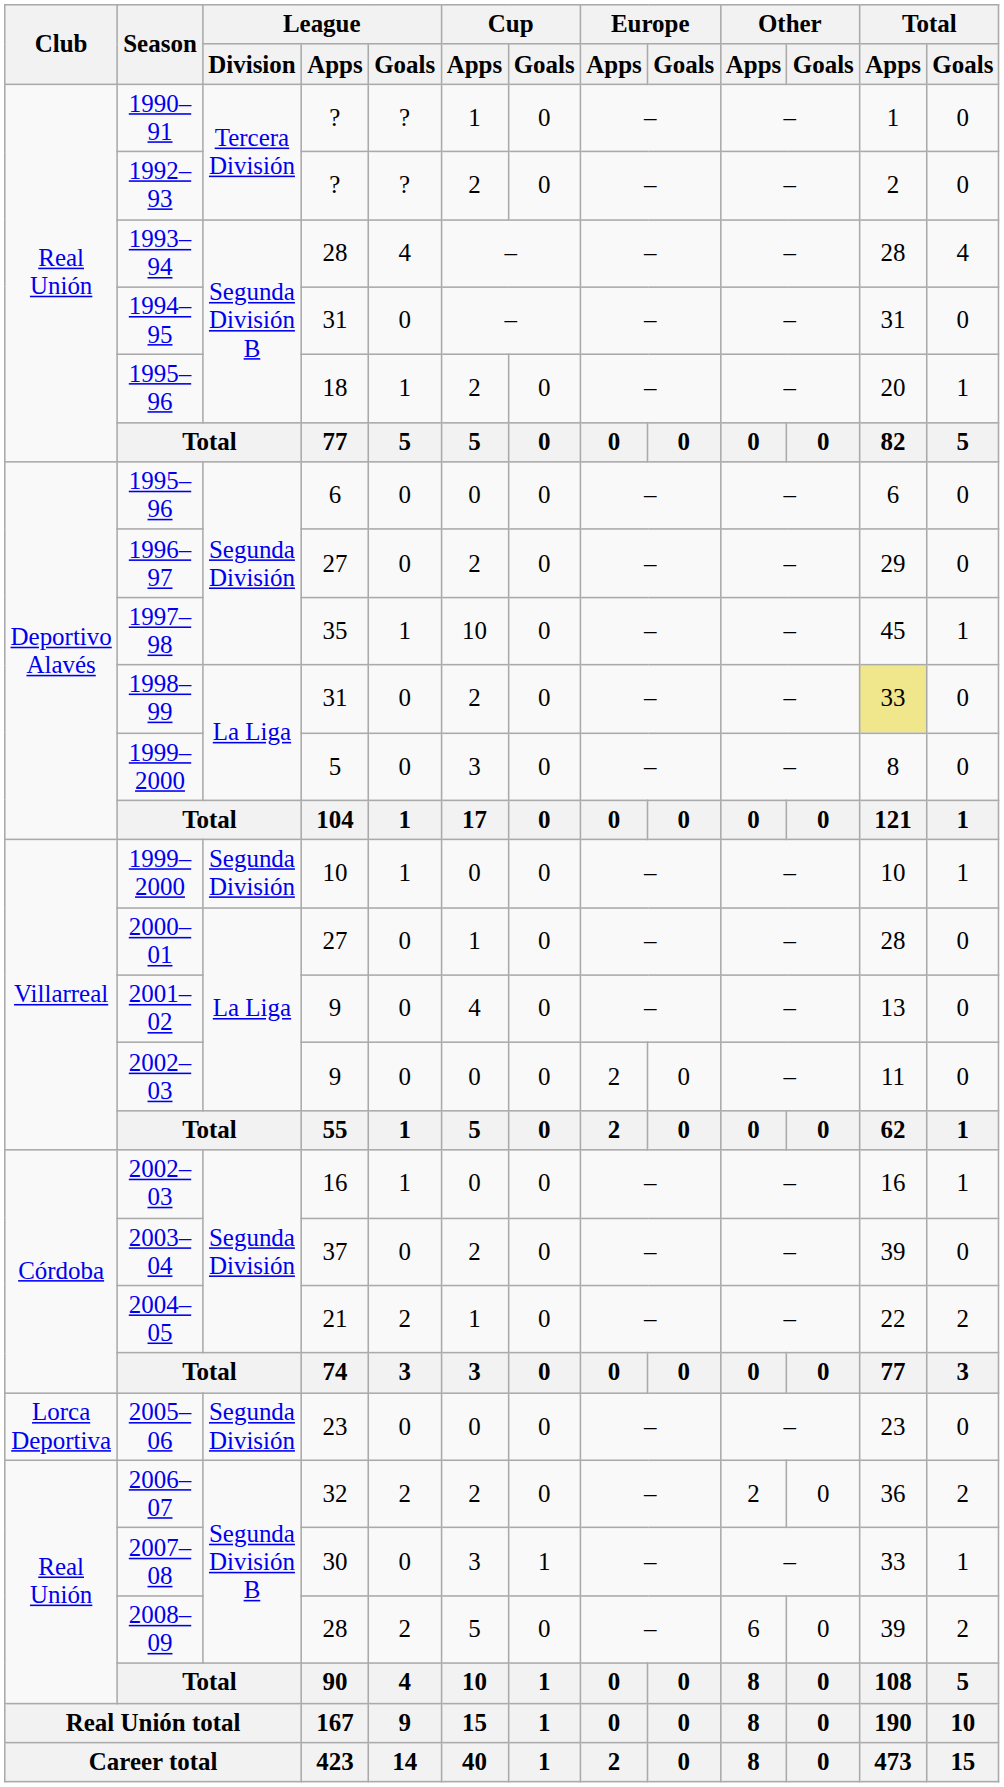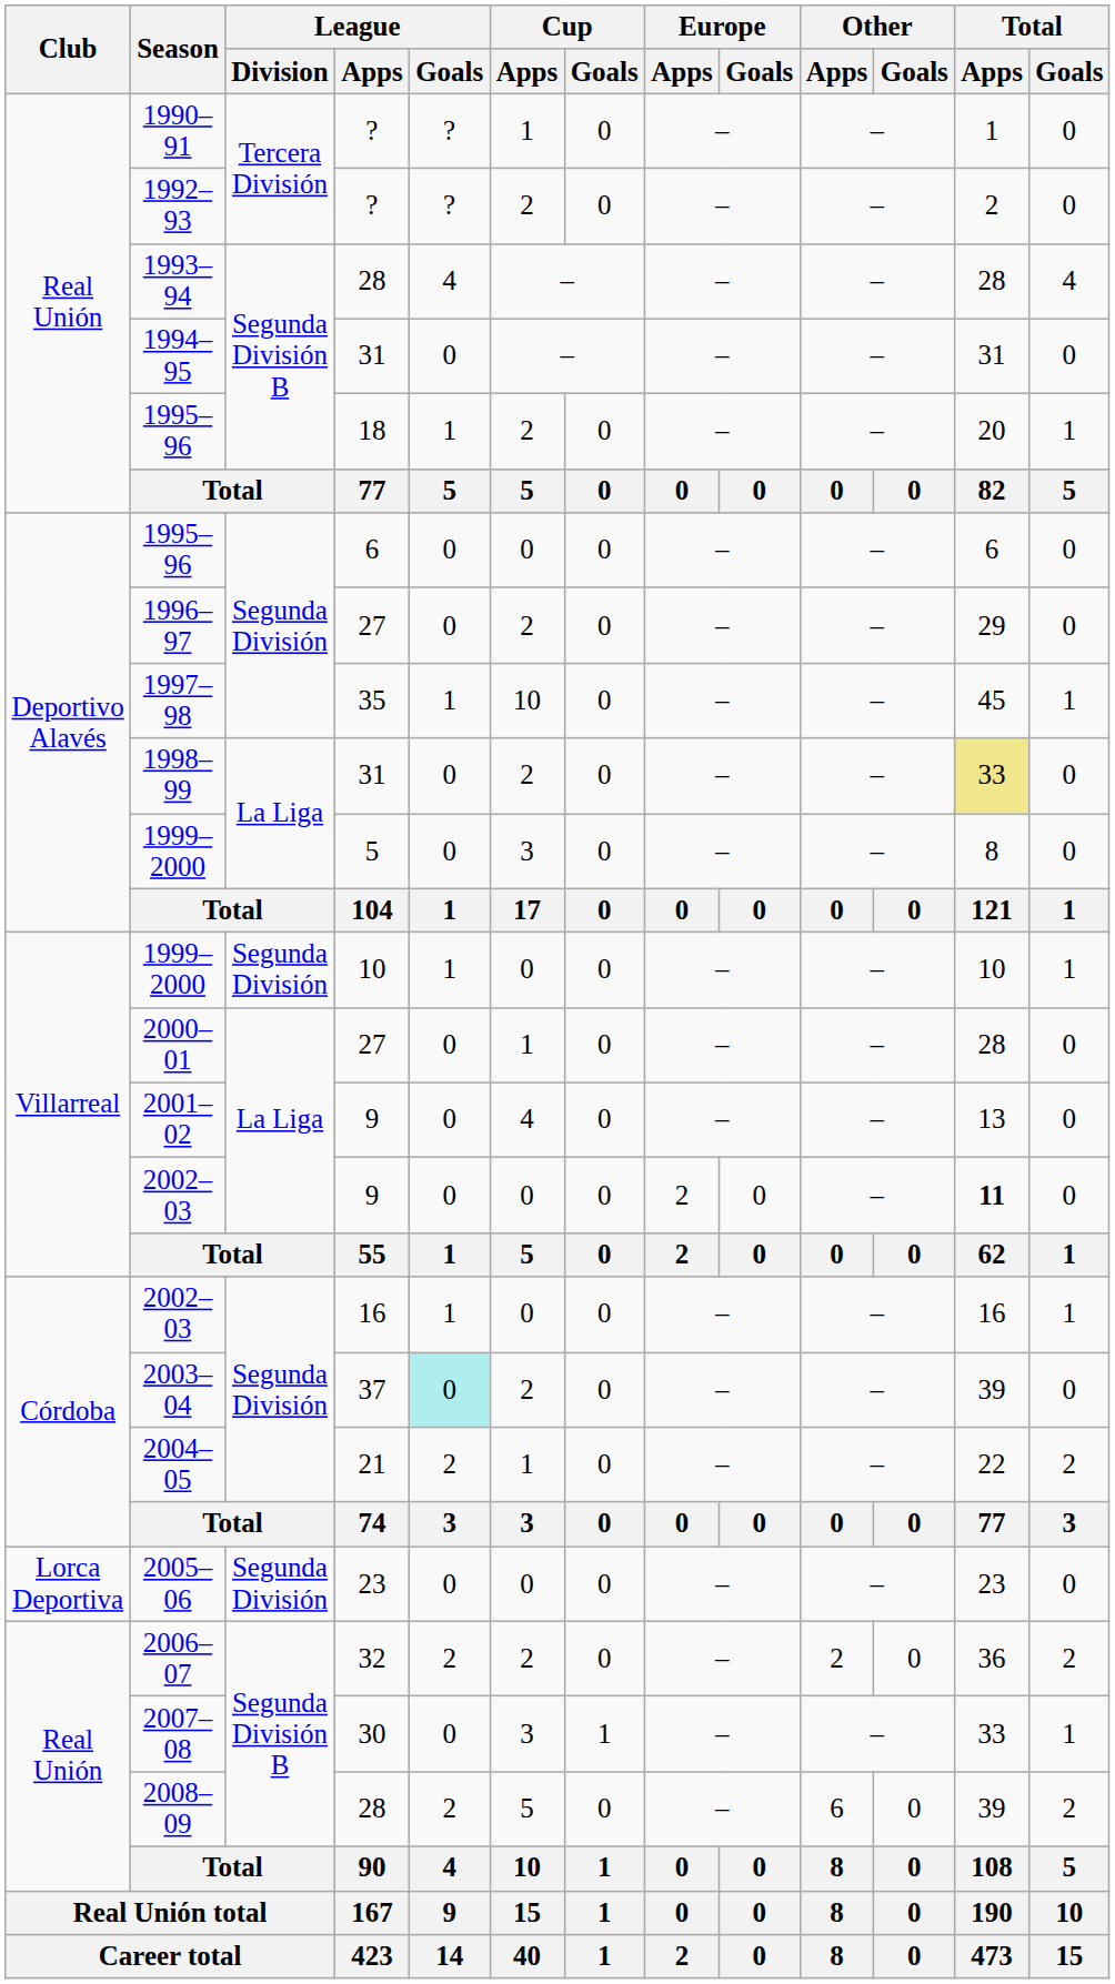 <table class="wikitable" style="text-align: center;">
 <tr>
 <th rowspan="2">Club</th>
 <th rowspan="2">Season</th>
 <th colspan="3">League</th>
 <th colspan="2">Cup</th>
 <th colspan="2">Europe</th>
 <th colspan="2">Other</th>
 <th colspan="2">Total</th>
 </tr>
 <tr>
 <th>Division</th>
 <th>Apps</th>
 <th>Goals</th>
 <th>Apps</th>
 <th>Goals</th>
 <th>Apps</th>
 <th>Goals</th>
 <th>Apps</th>
 <th>Goals</th>
 <th>Apps</th>
 <th>Goals</th>
 </tr>
 <tr>
 <td rowspan="6" valign="center"><a href='#'>Real Unión</a></td>
 <td><a href='#'>1990–91</a></td>
 <td rowspan="2"><a href='#'>Tercera División</a></td>
 <td>?</td>
 <td>?</td>
 <td>1</td>
 <td>0</td>
 <td colspan="2">–</td>
 <td colspan="2">–</td>
 <td>1</td>
 <td>0</td>
 </tr>
 <tr>
 <td><a href='#'>1992–93</a></td>
 <td>?</td>
 <td>?</td>
 <td>2</td>
 <td>0</td>
 <td colspan="2">–</td>
 <td colspan="2">–</td>
 <td>2</td>
 <td>0</td>
 </tr>
 <tr>
 <td><a href='#'>1993–94</a></td>
 <td rowspan="3"><a href='#'>Segunda División B</a></td>
 <td>28</td>
 <td>4</td>
 <td colspan="2">–</td>
 <td colspan="2">–</td>
 <td colspan="2">–</td>
 <td>28</td>
 <td>4</td>
 </tr>
 <tr>
 <td><a href='#'>1994–95</a></td>
 <td>31</td>
 <td>0</td>
 <td colspan="2">–</td>
 <td colspan="2">–</td>
 <td colspan="2">–</td>
 <td>31</td>
 <td>0</td>
 </tr>
 <tr>
 <td><a href='#'>1995–96</a></td>
 <td>18</td>
 <td>1</td>
 <td>2</td>
 <td>0</td>
 <td colspan="2">–</td>
 <td colspan="2">–</td>
 <td>20</td>
 <td>1</td>
 </tr>
 <tr>
 <th colspan="2">Total</th>
 <th>77</th>
 <th>5</th>
 <th>5</th>
 <th>0</th>
 <th>0</th>
 <th>0</th>
 <th>0</th>
 <th>0</th>
 <th>82</th>
 <th>5</th>
 </tr>
 <tr>
 <td rowspan="6" valign="center"><a href='#'>Deportivo Alavés</a></td>
 <td><a href='#'>1995–96</a></td>
 <td rowspan="3"><a href='#'>Segunda División</a></td>
 <td>6</td>
 <td>0</td>
 <td>0</td>
 <td>0</td>
 <td colspan="2">–</td>
 <td colspan="2">–</td>
 <td>6</td>
 <td>0</td>
 </tr>
 <tr>
 <td><a href='#'>1996–97</a></td>
 <td>27</td>
 <td>0</td>
 <td>2</td>
 <td>0</td>
 <td colspan="2">–</td>
 <td colspan="2">–</td>
 <td>29</td>
 <td>0</td>
 </tr>
 <tr>
 <td><a href='#'>1997–98</a></td>
 <td>35</td>
 <td>1</td>
 <td>10</td>
 <td>0</td>
 <td colspan="2">–</td>
 <td colspan="2">–</td>
 <td>45</td>
 <td>1</td>
 </tr>
 <tr>
 <td><a href='#'>1998–99</a></td>
 <td rowspan="2"><a href='#'>La Liga</a></td>
 <td>31</td>
 <td>0</td>
 <td>2</td>
 <td>0</td>
 <td colspan="2">–</td>
 <td colspan="2">–</td>
 <td style="background: khaki;">33</td>
 <td>0</td>
 </tr>
 <tr>
 <td><a href='#'>1999–2000</a></td>
 <td>5</td>
 <td>0</td>
 <td>3</td>
 <td>0</td>
 <td colspan="2">–</td>
 <td colspan="2">–</td>
 <td>8</td>
 <td>0</td>
 </tr>
 <tr>
 <th colspan="2">Total</th>
 <th>104</th>
 <th>1</th>
 <th>17</th>
 <th>0</th>
 <th>0</th>
 <th>0</th>
 <th>0</th>
 <th>0</th>
 <th>121</th>
 <th>1</th>
 </tr>
 <tr>
 <td rowspan="5" valign="center"><a href='#'>Villarreal</a></td>
 <td><a href='#'>1999–2000</a></td>
 <td><a href='#'>Segunda División</a></td>
 <td>10</td>
 <td>1</td>
 <td>0</td>
 <td>0</td>
 <td colspan="2">–</td>
 <td colspan="2">–</td>
 <td>10</td>
 <td>1</td>
 </tr>
 <tr>
 <td><a href='#'>2000–01</a></td>
 <td rowspan="3"><a href='#'>La Liga</a></td>
 <td>27</td>
 <td>0</td>
 <td>1</td>
 <td>0</td>
 <td colspan="2">–</td>
 <td colspan="2">–</td>
 <td>28</td>
 <td>0</td>
 </tr>
 <tr>
 <td><a href='#'>2001–02</a></td>
 <td>9</td>
 <td>0</td>
 <td>4</td>
 <td>0</td>
 <td colspan="2">–</td>
 <td colspan="2">–</td>
 <td>13</td>
 <td>0</td>
 </tr>
 <tr>
 <td><a href='#'>2002–03</a></td>
 <td>9</td>
 <td>0</td>
 <td>0</td>
 <td>0</td>
 <td>2</td>
 <td>0</td>
 <td colspan="2">–</td>
-<td>11</td>
+<td><strong>11</strong></td>
 <td>0</td>
 </tr>
 <tr>
 <th colspan="2">Total</th>
 <th>55</th>
 <th>1</th>
 <th>5</th>
 <th>0</th>
 <th>2</th>
 <th>0</th>
 <th>0</th>
 <th>0</th>
 <th>62</th>
 <th>1</th>
 </tr>
 <tr>
 <td rowspan="4" valign="center"><a href='#'>Córdoba</a></td>
 <td><a href='#'>2002–03</a></td>
 <td rowspan="3"><a href='#'>Segunda División</a></td>
 <td>16</td>
 <td>1</td>
 <td>0</td>
 <td>0</td>
 <td colspan="2">–</td>
 <td colspan="2">–</td>
 <td>16</td>
 <td>1</td>
 </tr>
 <tr>
 <td><a href='#'>2003–04</a></td>
 <td>37</td>
-<td>0</td>
+<td style="background: paleturquoise;">0</td>
 <td>2</td>
 <td>0</td>
 <td colspan="2">–</td>
 <td colspan="2">–</td>
 <td>39</td>
 <td>0</td>
 </tr>
 <tr>
 <td><a href='#'>2004–05</a></td>
 <td>21</td>
 <td>2</td>
 <td>1</td>
 <td>0</td>
 <td colspan="2">–</td>
 <td colspan="2">–</td>
 <td>22</td>
 <td>2</td>
 </tr>
 <tr>
 <th colspan="2">Total</th>
 <th>74</th>
 <th>3</th>
 <th>3</th>
 <th>0</th>
 <th>0</th>
 <th>0</th>
 <th>0</th>
 <th>0</th>
 <th>77</th>
 <th>3</th>
 </tr>
 <tr>
 <td valign="center"><a href='#'>Lorca Deportiva</a></td>
 <td><a href='#'>2005–06</a></td>
 <td><a href='#'>Segunda División</a></td>
 <td>23</td>
 <td>0</td>
 <td>0</td>
 <td>0</td>
 <td colspan="2">–</td>
 <td colspan="2">–</td>
 <td>23</td>
 <td>0</td>
 </tr>
 <tr>
 <td rowspan="4" valign="center"><a href='#'>Real Unión</a></td>
 <td><a href='#'>2006–07</a></td>
 <td rowspan="3"><a href='#'>Segunda División B</a></td>
 <td>32</td>
 <td>2</td>
 <td>2</td>
 <td>0</td>
 <td colspan="2">–</td>
 <td>2</td>
 <td>0</td>
 <td>36</td>
 <td>2</td>
 </tr>
 <tr>
 <td><a href='#'>2007–08</a></td>
 <td>30</td>
 <td>0</td>
 <td>3</td>
 <td>1</td>
 <td colspan="2">–</td>
 <td colspan="2">–</td>
 <td>33</td>
 <td>1</td>
 </tr>
 <tr>
 <td><a href='#'>2008–09</a></td>
 <td>28</td>
 <td>2</td>
 <td>5</td>
 <td>0</td>
 <td colspan="2">–</td>
 <td>6</td>
 <td>0</td>
 <td>39</td>
 <td>2</td>
 </tr>
 <tr>
 <th colspan="2">Total</th>
 <th>90</th>
 <th>4</th>
 <th>10</th>
 <th>1</th>
 <th>0</th>
 <th>0</th>
 <th>8</th>
 <th>0</th>
 <th>108</th>
 <th>5</th>
 </tr>
 <tr>
 <th colspan="3">Real Unión total</th>
 <th>167</th>
 <th>9</th>
 <th>15</th>
 <th>1</th>
 <th>0</th>
 <th>0</th>
 <th>8</th>
 <th>0</th>
 <th>190</th>
 <th>10</th>
 </tr>
 <tr>
 <th colspan="3">Career total</th>
 <th>423</th>
 <th>14</th>
 <th>40</th>
 <th>1</th>
 <th>2</th>
 <th>0</th>
 <th>8</th>
 <th>0</th>
 <th>473</th>
 <th>15</th>
 </tr>
 </table>
